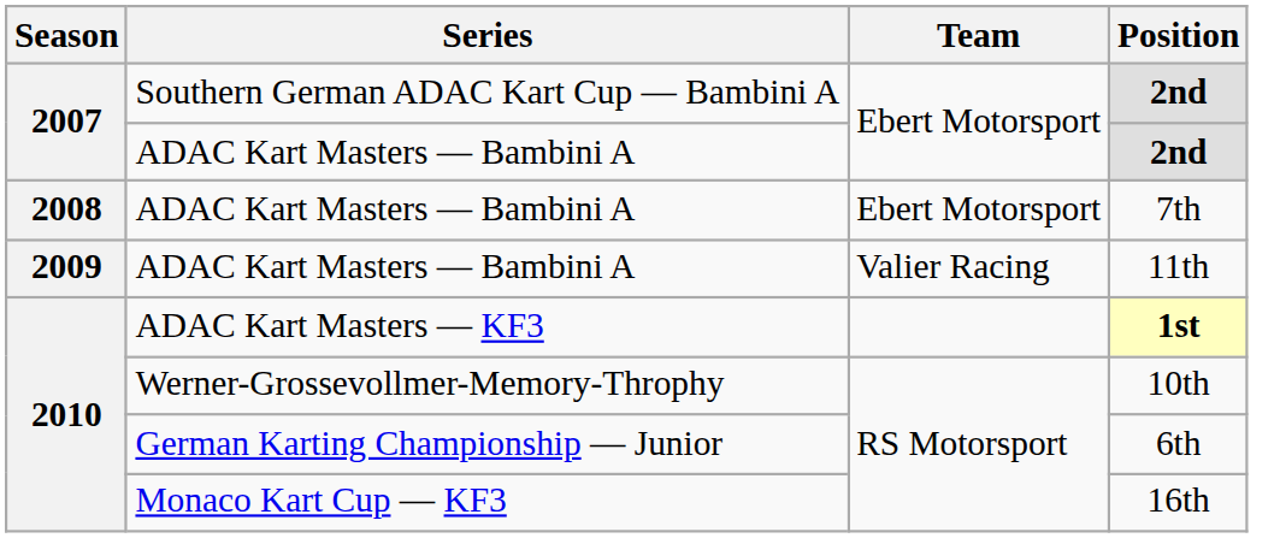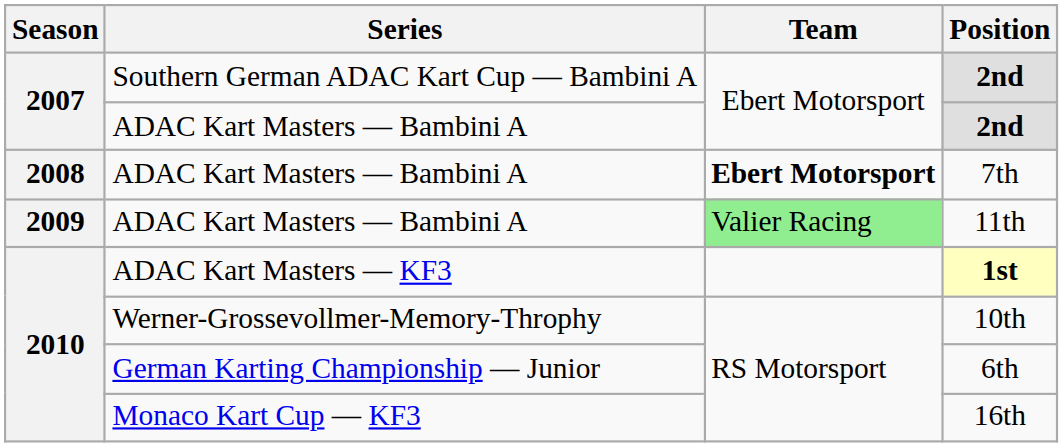 <table class="wikitable" style="font-size: 85%; text-align:center">
 <tr>
 <th>Season</th>
 <th>Series</th>
 <th>Team</th>
 <th>Position</th>
 </tr>
 <tr>
 <th rowspan="2">2007</th>
 <td align="left">Southern German ADAC Kart Cup — Bambini A</td>
 <td rowspan="2">Ebert Motorsport</td>
 <td style="background:#DFDFDF;"><strong>2nd</strong></td>
 </tr>
 <tr>
 <td align="left">ADAC Kart Masters — Bambini A</td>
 <td style="background:#DFDFDF;"><strong>2nd</strong></td>
 </tr>
 <tr>
 <th>2008</th>
 <td align="left">ADAC Kart Masters — Bambini A</td>
-<td align="left">Ebert Motorsport</td>
+<td align="left"><strong>Ebert Motorsport</strong></td>
 <td>7th</td>
 </tr>
 <tr>
 <th>2009</th>
 <td align="left">ADAC Kart Masters — Bambini A</td>
-<td align="left">Valier Racing</td>
+<td align="left" style="background: lightgreen;">Valier Racing</td>
 <td>11th</td>
 </tr>
 <tr>
 <th rowspan="4">2010</th>
 <td align="left">ADAC Kart Masters — <a href='#'>KF3</a></td>
 <td align="left"></td>
 <td style="background:#FFFFBF;"><strong>1st</strong></td>
 </tr>
 <tr>
 <td align="left">Werner-Grossevollmer-Memory-Throphy</td>
 <td rowspan="3" align="left">RS Motorsport</td>
 <td>10th</td>
 </tr>
 <tr>
 <td align="left"><a href='#'>German Karting Championship</a> — Junior</td>
 <td>6th</td>
 </tr>
 <tr>
 <td align="left"><a href='#'>Monaco Kart Cup</a> — <a href='#'>KF3</a></td>
 <td>16th</td>
 </tr>
 </table>
